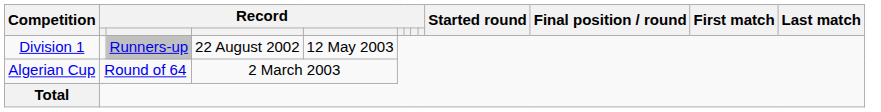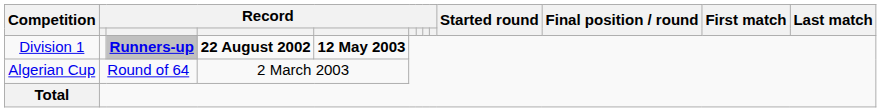 <table class="wikitable" style="text-align: center">
 <tr>
 <th rowspan=2>Competition</th>
 <th colspan=8>Record</th>
 <th rowspan=2>Started round</th>
 <th rowspan=2>Final position / round</th>
 <th rowspan=2>First match</th>
 <th rowspan=2>Last match</th>
 </tr>
 <tr>
 <th></th>
 <th></th>
 <th></th>
 <th></th>
 <th></th>
 <th></th>
 <th></th>
 <th></th>
 </tr>
 <tr>
 <td><a href='#'>Division 1</a><br></td>
 <td></td>
-<td style="background:silver;"><a href='#'>Runners-up</a></td>
-<td>22 August 2002</td>
-<td>12 May 2003</td>
+<td style="background:silver;"><strong><a href='#'>Runners-up</a></strong></td>
+<td><strong>22 August 2002</strong></td>
+<td><strong>12 May 2003</strong></td>
 </tr>
 <tr>
 <td><a href='#'>Algerian Cup</a><br></td>
 <td colspan=2><a href='#'>Round of 64</a></td>
 <td colspan=2>2 March 2003</td>
 </tr>
 <tr>
 <th>Total<br></th>
 </tr>
 </table>
